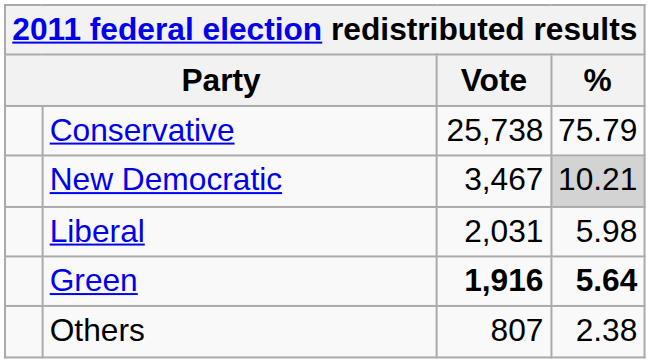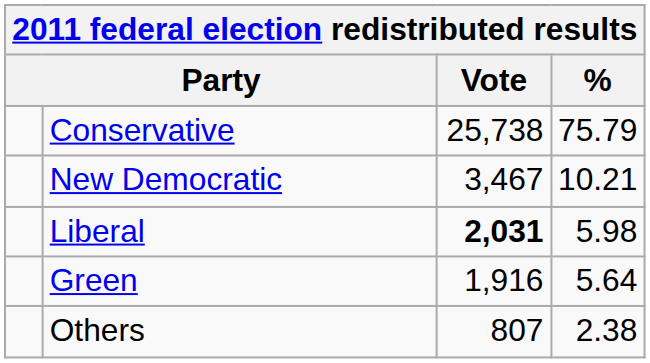 <table class="wikitable">
 <tr>
 <th colspan="4"><a href='#'>2011 federal election</a> redistributed results</th>
 </tr>
 <tr>
 <th bgcolor="#DDDDFF" width="130px" colspan="2">Party</th>
 <th bgcolor="#DDDDFF" width="50px">Vote</th>
 <th bgcolor="#DDDDFF" width="30px">%</th>
 </tr>
 <tr>
 <td> </td>
 <td><a href='#'>Conservative</a></td>
 <td align=right>25,738</td>
 <td align=right>75.79</td>
 </tr>
 <tr>
 <td> </td>
 <td><a href='#'>New Democratic</a></td>
 <td align=right>3,467</td>
-<td align=right style="background: lightgrey;">10.21</td>
+<td align=right>10.21</td>
 </tr>
 <tr>
 <td> </td>
 <td><a href='#'>Liberal</a></td>
-<td align=right>2,031</td>
+<td align=right><strong>2,031</strong></td>
 <td align=right>5.98</td>
 </tr>
 <tr>
 <td> </td>
 <td><a href='#'>Green</a></td>
-<td align=right><strong>1,916</strong></td>
-<td align=right><strong>5.64</strong></td>
+<td align=right>1,916</td>
+<td align=right>5.64</td>
 </tr>
 <tr>
 <td> </td>
 <td>Others</td>
 <td align=right>807</td>
 <td align=right>2.38</td>
 </tr>
 </table>
